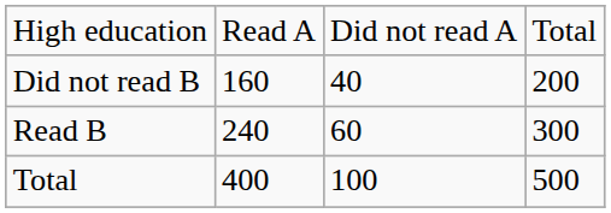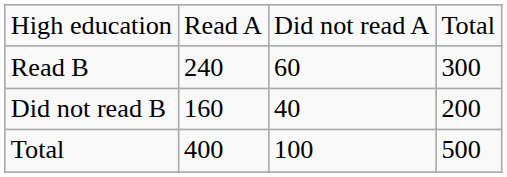 <table class="wikitable">
 <tr>
 <td>High education</td>
 <td>Read A</td>
 <td>Did not read A</td>
 <td>Total</td>
 </tr>
 <tr>
+<td>Read B</td>
+<td>240</td>
+<td>60</td>
+<td>300</td>
+</tr>
+<tr>
 <td>Did not read B</td>
 <td>160</td>
 <td>40</td>
 <td>200</td>
-</tr>
-<tr>
-<td>Read B</td>
-<td>240</td>
-<td>60</td>
-<td>300</td>
 </tr>
 <tr>
 <td>Total</td>
 <td>400</td>
 <td>100</td>
 <td>500</td>
 </tr>
 </table>
